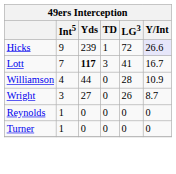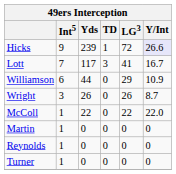 <table class="wikitable">
 <tr>
 <th colspan=6>49ers Interception</th>
 </tr>
 <tr>
 <th></th>
 <th>Int<sup>5</sup></th>
 <th>Yds</th>
 <th>TD</th>
 <th>LG<sup>3</sup></th>
 <th>Y/Int</th>
 </tr>
 <tr>
 <td><a href='#'>Hicks</a></td>
 <td>9</td>
 <td>239</td>
 <td>1</td>
 <td>72</td>
 <td style="background: lavender;">26.6</td>
 </tr>
 <tr>
 <td><a href='#'>Lott</a></td>
 <td>7</td>
-<td><strong>117</strong></td>
+<td>117</td>
 <td>3</td>
 <td>41</td>
 <td>16.7</td>
 </tr>
 <tr>
 <td><a href='#'>Williamson</a></td>
-<td>4</td>
+<td>6</td>
 <td>44</td>
 <td>0</td>
-<td>28</td>
+<td>29</td>
 <td>10.9</td>
 </tr>
 <tr>
 <td><a href='#'>Wright</a></td>
 <td>3</td>
-<td>27</td>
+<td>26</td>
 <td>0</td>
 <td>26</td>
 <td>8.7</td>
+</tr>
+<tr>
+<td><a href='#'>McColl</a></td>
+<td>1</td>
+<td>22</td>
+<td>0</td>
+<td>22</td>
+<td>22.0</td>
+</tr>
+<tr>
+<td><a href='#'>Martin</a></td>
+<td>1</td>
+<td>0</td>
+<td>0</td>
+<td>0</td>
+<td>0</td>
 </tr>
 <tr>
 <td><a href='#'>Reynolds</a></td>
 <td>1</td>
 <td>0</td>
 <td>0</td>
 <td>0</td>
 <td>0</td>
 </tr>
 <tr>
 <td><a href='#'>Turner</a></td>
 <td>1</td>
 <td>0</td>
 <td>0</td>
 <td>0</td>
 <td>0</td>
 </tr>
 <tr>
 </tr>
 </table>
